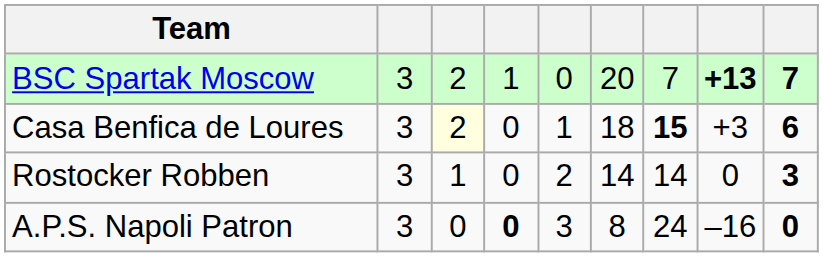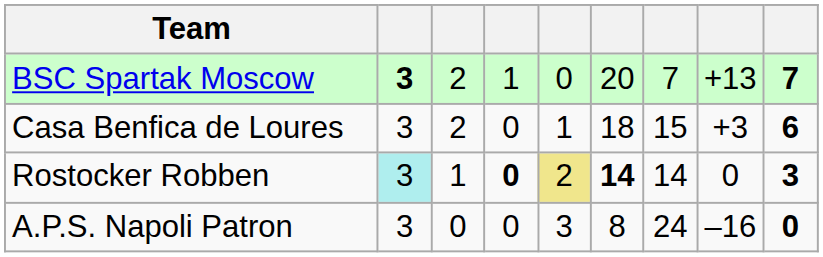 <table class="wikitable" style="text-align: center;">
 <tr>
 <th width="185">Team</th>
 <th width="20"></th>
 <th width="20"></th>
 <th width="20"></th>
 <th width="20"></th>
 <th width="20"></th>
 <th width="20"></th>
 <th width="25"></th>
 <th width="20"></th>
 </tr>
 <tr bgcolor=#ccffcc>
 <td align=left> <a href='#'>BSC Spartak Moscow</a></td>
-<td>3</td>
+<td><strong>3</strong></td>
 <td>2</td>
 <td>1</td>
 <td>0</td>
 <td>20</td>
 <td>7</td>
-<td><strong>+13</strong></td>
+<td>+13</td>
 <td><strong>7</strong></td>
 </tr>
 <tr>
 <td align=left> Casa Benfica de Loures</td>
 <td>3</td>
-<td style="background: lightyellow;">2</td>
+<td>2</td>
 <td>0</td>
 <td>1</td>
 <td>18</td>
-<td><strong>15</strong></td>
+<td>15</td>
 <td>+3</td>
 <td><strong>6</strong></td>
 </tr>
 <tr>
 <td align=left> Rostocker Robben</td>
-<td>3</td>
+<td style="background: paleturquoise;">3</td>
 <td>1</td>
-<td>0</td>
-<td>2</td>
-<td>14</td>
+<td><strong>0</strong></td>
+<td style="background: khaki;">2</td>
+<td><strong>14</strong></td>
 <td>14</td>
 <td>0</td>
 <td><strong>3</strong></td>
 </tr>
 <tr>
 <td align=left> A.P.S. Napoli Patron</td>
 <td>3</td>
 <td>0</td>
-<td><strong>0</strong></td>
+<td>0</td>
 <td>3</td>
 <td>8</td>
 <td>24</td>
 <td>–16</td>
 <td><strong>0</strong></td>
 </tr>
 </table>
